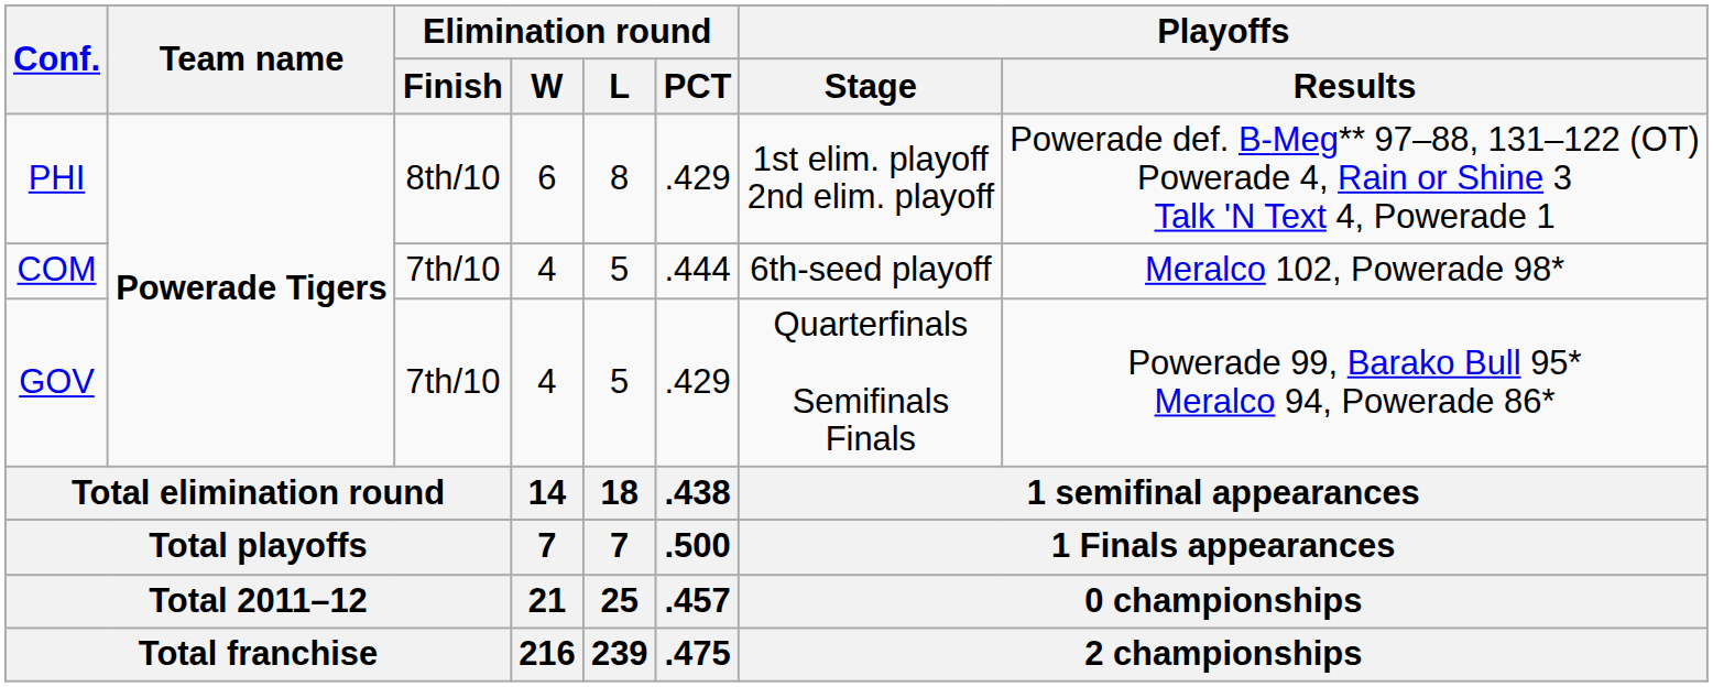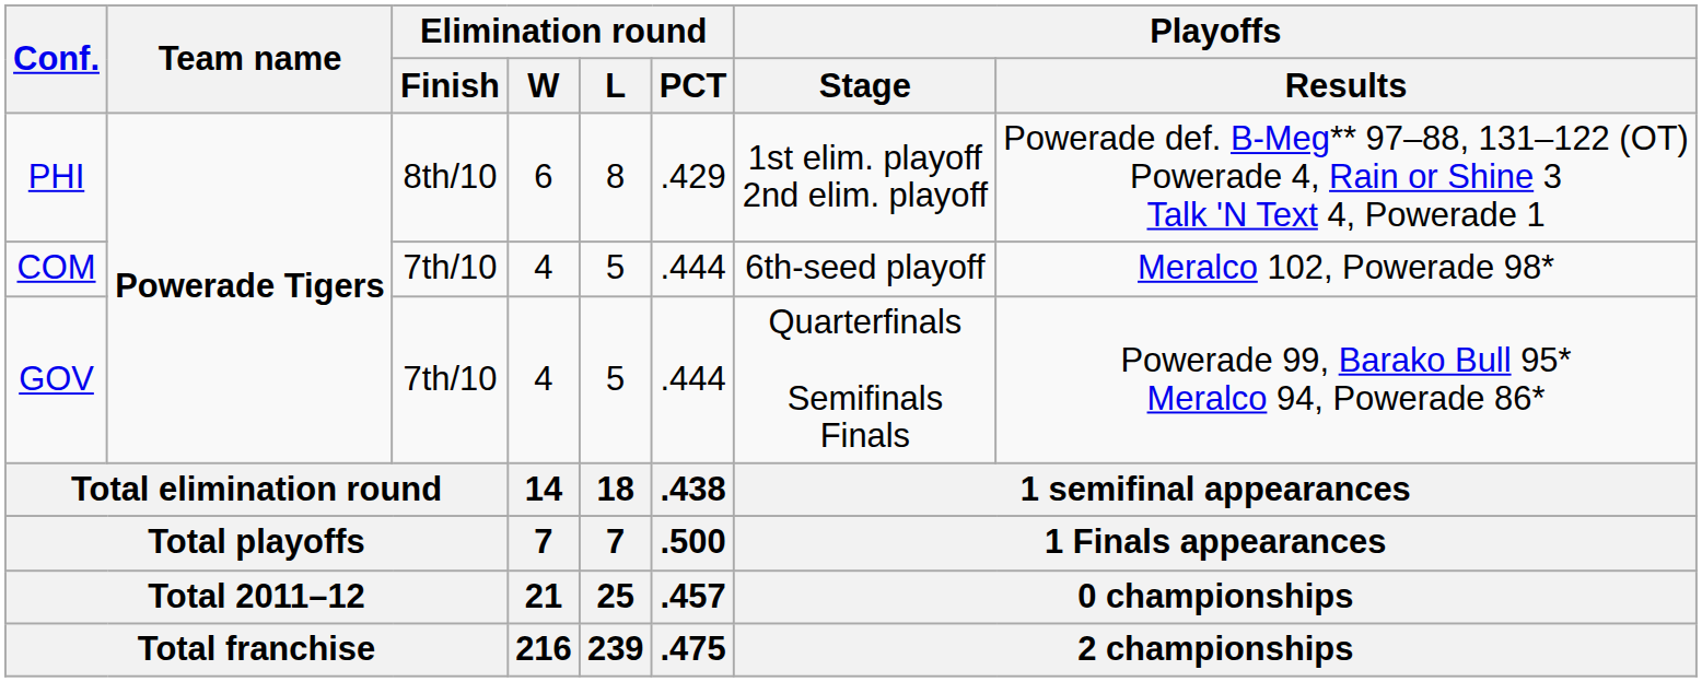 <table class=wikitable style="text-align:center;">
 <tr>
 <th rowspan="2"><a href='#'>Conf.</a></th>
 <th rowspan="2">Team name</th>
 <th colspan=4>Elimination round</th>
 <th colspan=2>Playoffs</th>
 </tr>
 <tr>
 <th>Finish</th>
 <th>W</th>
 <th>L</th>
 <th>PCT</th>
 <th>Stage</th>
 <th>Results</th>
 </tr>
 <tr>
 <td><a href='#'>PHI</a></td>
 <td rowspan=3><strong>Powerade Tigers</strong></td>
 <td>8th/10</td>
 <td>6</td>
 <td>8</td>
 <td>.429</td>
 <td>1st elim. playoff<br>2nd elim. playoff</td>
 <td>Powerade def. <a href='#'>B-Meg</a>** 97–88, 131–122 (OT)<br>Powerade 4, <a href='#'>Rain or Shine</a> 3<br><a href='#'>Talk 'N Text</a> 4, Powerade 1</td>
 </tr>
 <tr>
 <td><a href='#'>COM</a></td>
 <td>7th/10</td>
 <td>4</td>
 <td>5</td>
 <td>.444</td>
 <td>6th-seed playoff</td>
 <td><a href='#'>Meralco</a> 102, Powerade 98*</td>
 </tr>
 <tr>
 <td><a href='#'>GOV</a></td>
 <td>7th/10</td>
 <td>4</td>
 <td>5</td>
-<td>.429</td>
+<td>.444</td>
 <td>Quarterfinals<br><br>Semifinals<br>Finals</td>
 <td>Powerade 99, <a href='#'>Barako Bull</a> 95*<br><a href='#'>Meralco</a> 94, Powerade 86*</td>
 </tr>
 <tr>
 <th colspan=3>Total elimination round</th>
 <th>14</th>
 <th>18</th>
 <th>.438</th>
 <th colspan=2>1 semifinal appearances</th>
 </tr>
 <tr>
 <th colspan=3>Total playoffs</th>
 <th>7</th>
 <th>7</th>
 <th>.500</th>
 <th colspan=2>1 Finals appearances</th>
 </tr>
 <tr>
 <th colspan=3>Total 2011–12</th>
 <th>21</th>
 <th>25</th>
 <th>.457</th>
 <th colspan=2>0 championships</th>
 </tr>
 <tr>
 <th colspan=3>Total franchise</th>
 <th>216</th>
 <th>239</th>
 <th>.475</th>
 <th colspan=2>2 championships</th>
 </tr>
 </table>
